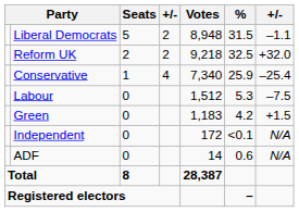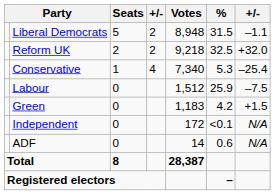 <table class="wikitable sortable">
 <tr>
 <th colspan="2">Party</th>
 <th>Seats</th>
 <th>+/-</th>
 <th>Votes</th>
 <th>%</th>
 <th>+/-</th>
 </tr>
 <tr>
 <td style="background-color: "></td>
 <td><a href='#'>Liberal Democrats</a></td>
 <td>5</td>
 <td> 2</td>
 <td style="text-align:right;">8,948</td>
 <td style="text-align:right;">31.5</td>
 <td style="text-align:right;">–1.1</td>
 </tr>
 <tr>
 <td style="background-color: "></td>
 <td><a href='#'>Reform UK</a></td>
 <td>2</td>
 <td> 2</td>
 <td style="text-align:right;">9,218</td>
 <td style="text-align:right;">32.5</td>
 <td style="text-align:right;">+32.0</td>
 </tr>
 <tr>
 <td style="background-color: "></td>
 <td><a href='#'>Conservative</a></td>
 <td>1</td>
 <td> 4</td>
 <td style="text-align:right;">7,340</td>
-<td style="text-align:right;">25.9</td>
+<td style="text-align:right;">5.3</td>
 <td style="text-align:right;">–25.4</td>
 </tr>
 <tr>
 <td style="background-color: "></td>
 <td><a href='#'>Labour</a></td>
 <td>0</td>
 <td></td>
 <td style="text-align:right;">1,512</td>
-<td style="text-align:right;">5.3</td>
+<td style="text-align:right;">25.9</td>
 <td style="text-align:right;">–7.5</td>
 </tr>
 <tr>
 <td style="background-color: "></td>
 <td><a href='#'>Green</a></td>
 <td>0</td>
 <td></td>
 <td style="text-align:right;">1,183</td>
 <td style="text-align:right;">4.2</td>
 <td style="text-align:right;">+1.5</td>
 </tr>
 <tr>
 <td style="background-color: "></td>
 <td><a href='#'>Independent</a></td>
 <td>0</td>
 <td></td>
 <td style="text-align:right;">172</td>
 <td style="text-align:right;"><0.1</td>
 <td style="text-align:right;"><em>N/A</em></td>
 </tr>
 <tr>
 <td style="background-color: "></td>
 <td>ADF</td>
 <td>0</td>
 <td></td>
 <td style="text-align:right;">14</td>
 <td style="text-align:right;">0.6</td>
 <td style="text-align:right;"><em>N/A</em></td>
 </tr>
 <tr>
 <td colspan="2"><strong>Total</strong></td>
 <td><strong>8</strong></td>
 <td></td>
 <td style="text-align:right;"><strong>28,387</strong></td>
 <td style="text-align:right;"></td>
 <td style="text-align:right;"></td>
 </tr>
 <tr>
 <td colspan="4"><strong>Registered electors</strong></td>
 <td style="text-align:right;"></td>
 <td style="text-align:right;"><strong>–</strong></td>
 <td style="text-align:right;"></td>
 </tr>
 </table>
